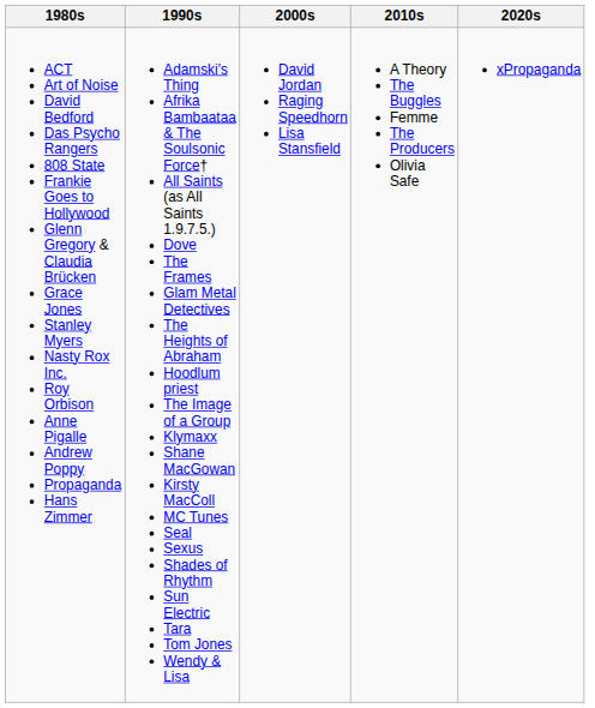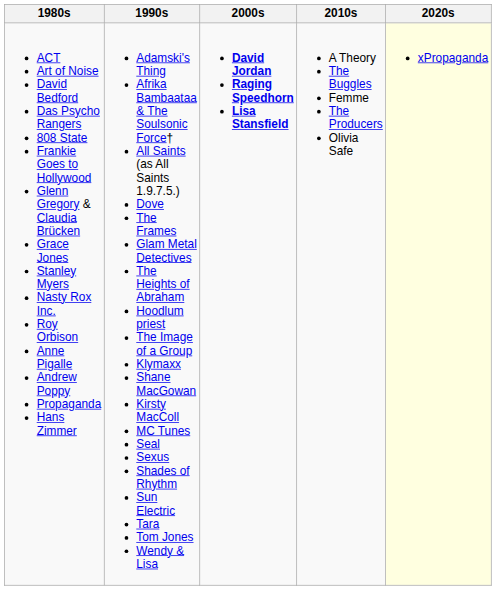 <table class="wikitable sortable">
 <tr>
 <th>1980s</th>
 <th>1990s</th>
 <th>2000s</th>
 <th>2010s</th>
 <th>2020s</th>
 </tr>
 <tr>
 <td valign=top><br><ul><li><a href='#'>ACT</a></li><li><a href='#'>Art of Noise</a></li><li><a href='#'>David Bedford</a></li><li><a href='#'>Das Psycho Rangers</a></li><li><a href='#'>808 State</a></li><li><a href='#'>Frankie Goes to Hollywood</a></li><li><a href='#'>Glenn Gregory</a> & <a href='#'>Claudia Brücken</a></li><li><a href='#'>Grace Jones</a></li><li><a href='#'>Stanley Myers</a></li><li><a href='#'>Nasty Rox Inc.</a></li><li><a href='#'>Roy Orbison</a></li><li><a href='#'>Anne Pigalle</a></li><li><a href='#'>Andrew Poppy</a></li><li><a href='#'>Propaganda</a></li><li><a href='#'>Hans Zimmer</a></li></ul></td>
 <td valign=top><br><ul><li><a href='#'>Adamski's Thing</a></li><li><a href='#'>Afrika Bambaataa & The Soulsonic Force</a>†</li><li><a href='#'>All Saints</a> (as All Saints 1.9.7.5.)</li><li><a href='#'>Dove</a></li><li><a href='#'>The Frames</a></li><li><a href='#'>Glam Metal Detectives</a></li><li><a href='#'>The Heights of Abraham</a></li><li><a href='#'>Hoodlum priest</a></li><li><a href='#'>The Image of a Group</a></li><li><a href='#'>Klymaxx</a></li><li><a href='#'>Shane MacGowan</a></li><li><a href='#'>Kirsty MacColl</a></li><li><a href='#'>MC Tunes</a></li><li><a href='#'>Seal</a></li><li><a href='#'>Sexus</a></li><li><a href='#'>Shades of Rhythm</a></li><li><a href='#'>Sun Electric</a></li><li><a href='#'>Tara</a></li><li><a href='#'>Tom Jones</a></li><li><a href='#'>Wendy & Lisa</a></li></ul></td>
-<td valign=top><br><ul><li><a href='#'>David Jordan</a></li><li><a href='#'>Raging Speedhorn</a></li><li><a href='#'>Lisa Stansfield</a></li></ul></td>
+<td valign=top><strong><br><ul><li><a href='#'>David Jordan</a></li><li><a href='#'>Raging Speedhorn</a></li><li><a href='#'>Lisa Stansfield</a></li></ul></strong></td>
 <td valign=top><br><ul><li>A Theory</li><li><a href='#'>The Buggles</a></li><li>Femme</li><li><a href='#'>The Producers</a></li><li>Olivia Safe</li></ul></td>
-<td valign=top><br><ul><li><a href='#'>xPropaganda</a></li></ul></td>
+<td valign=top style="background: lightyellow;"><br><ul><li><a href='#'>xPropaganda</a></li></ul></td>
 </tr>
 </table>
